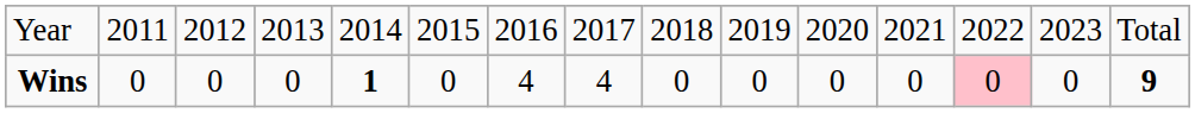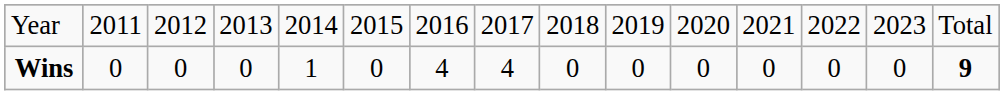 <table class=wikitable>
 <tr>
 <td>Year</td>
 <td>2011</td>
 <td>2012</td>
 <td>2013</td>
 <td>2014</td>
 <td>2015</td>
 <td>2016</td>
 <td>2017</td>
 <td>2018</td>
 <td>2019</td>
 <td>2020</td>
 <td>2021</td>
 <td>2022</td>
 <td>2023</td>
 <td>Total</td>
 </tr>
 <tr align=center>
 <td width=40><strong>Wins</strong></td>
 <td>0</td>
 <td>0</td>
 <td>0</td>
-<td><strong>1</strong></td>
+<td>1</td>
 <td>0</td>
 <td>4</td>
 <td>4</td>
 <td>0</td>
 <td>0</td>
 <td>0</td>
 <td>0</td>
-<td style="background: pink;">0</td>
+<td>0</td>
 <td>0</td>
 <td><strong>9</strong></td>
 </tr>
 </table>
